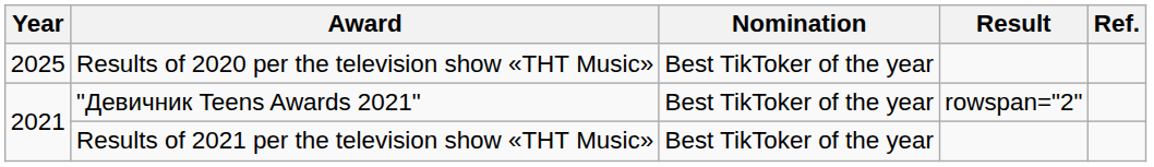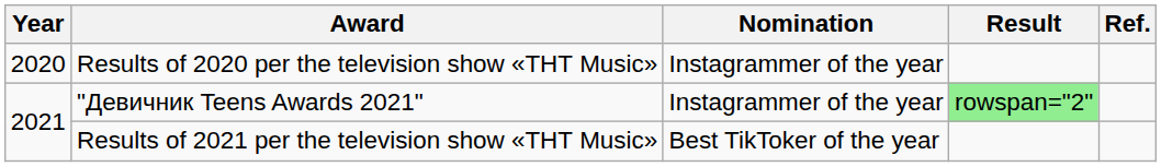 <table class="wikitable">
 <tr>
 <th>Year</th>
 <th>Award</th>
 <th>Nomination</th>
 <th>Result</th>
 <th>Ref.</th>
 </tr>
 <tr>
-<td align="center">2025</td>
+<td align="center">2020</td>
 <td>Results of 2020 per the television show «ТНТ Music»</td>
-<td>Best TikToker of the year</td>
+<td>Instagrammer of the year</td>
 <td></td>
 <td align="center"></td>
 </tr>
 <tr>
 <td rowspan="2">2021</td>
 <td>"Девичник Teens Awards 2021"</td>
-<td>Best TikToker of the year</td>
-<td>rowspan="2" </td>
+<td>Instagrammer of the year</td>
+<td style="background: lightgreen;">rowspan="2" </td>
 <td align="center"></td>
 </tr>
 <tr>
 <td>Results of 2021 per the television show «ТНТ Music»</td>
 <td>Best TikToker of the year</td>
 <td align="center"></td>
 </tr>
 </table>
